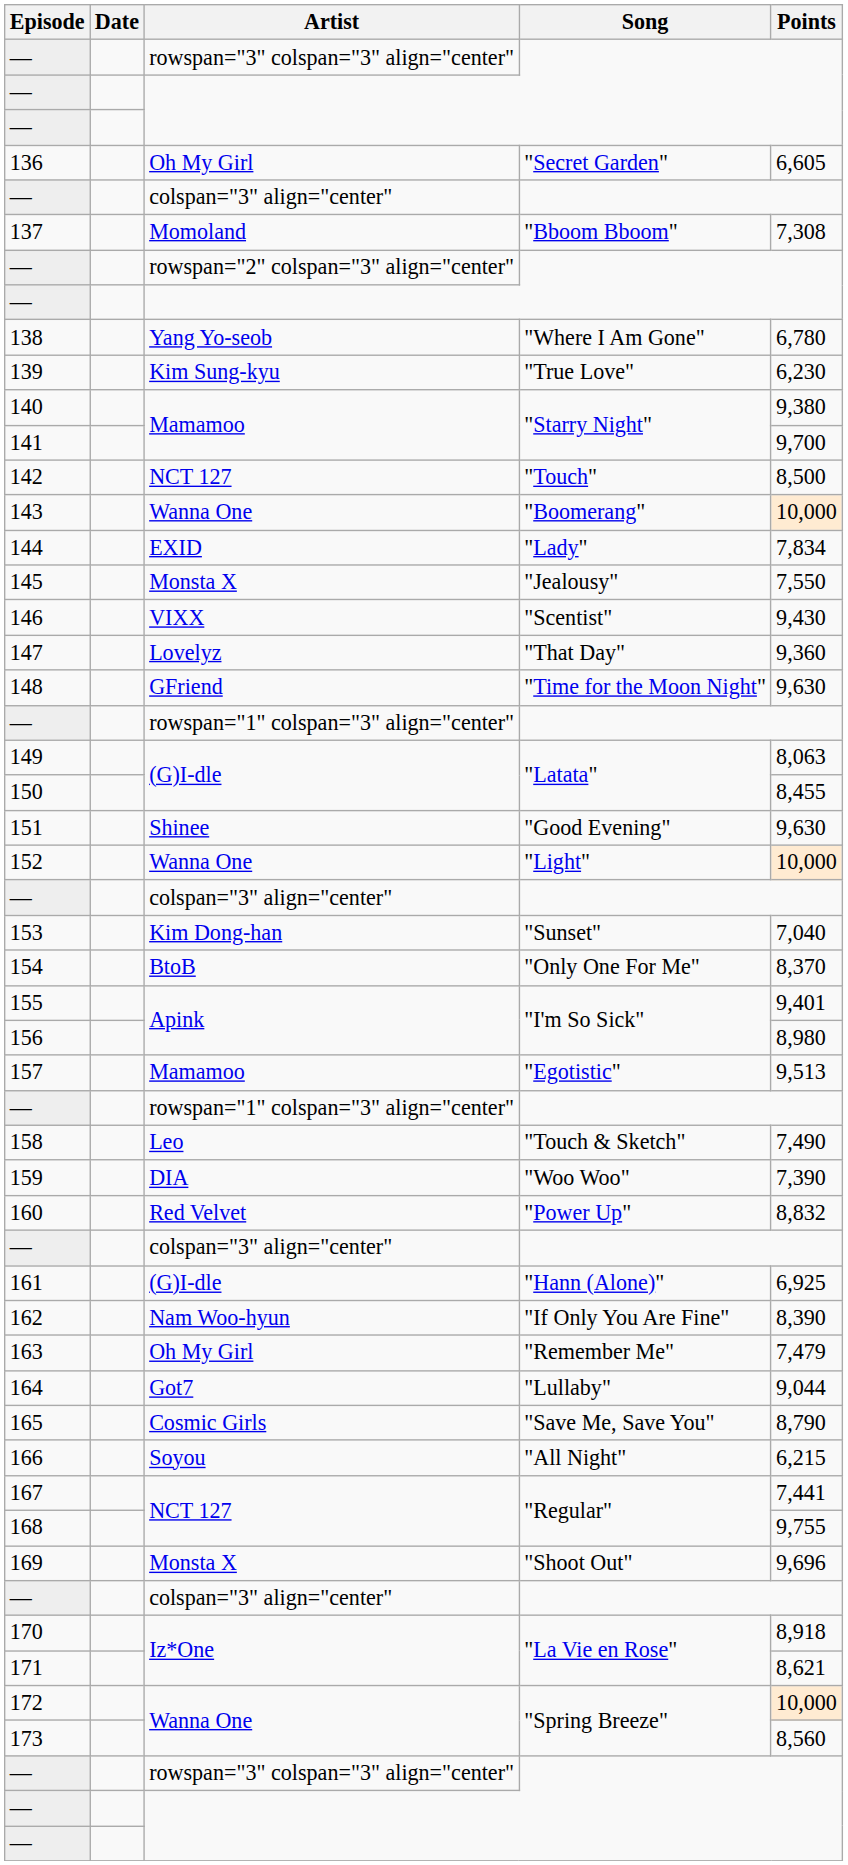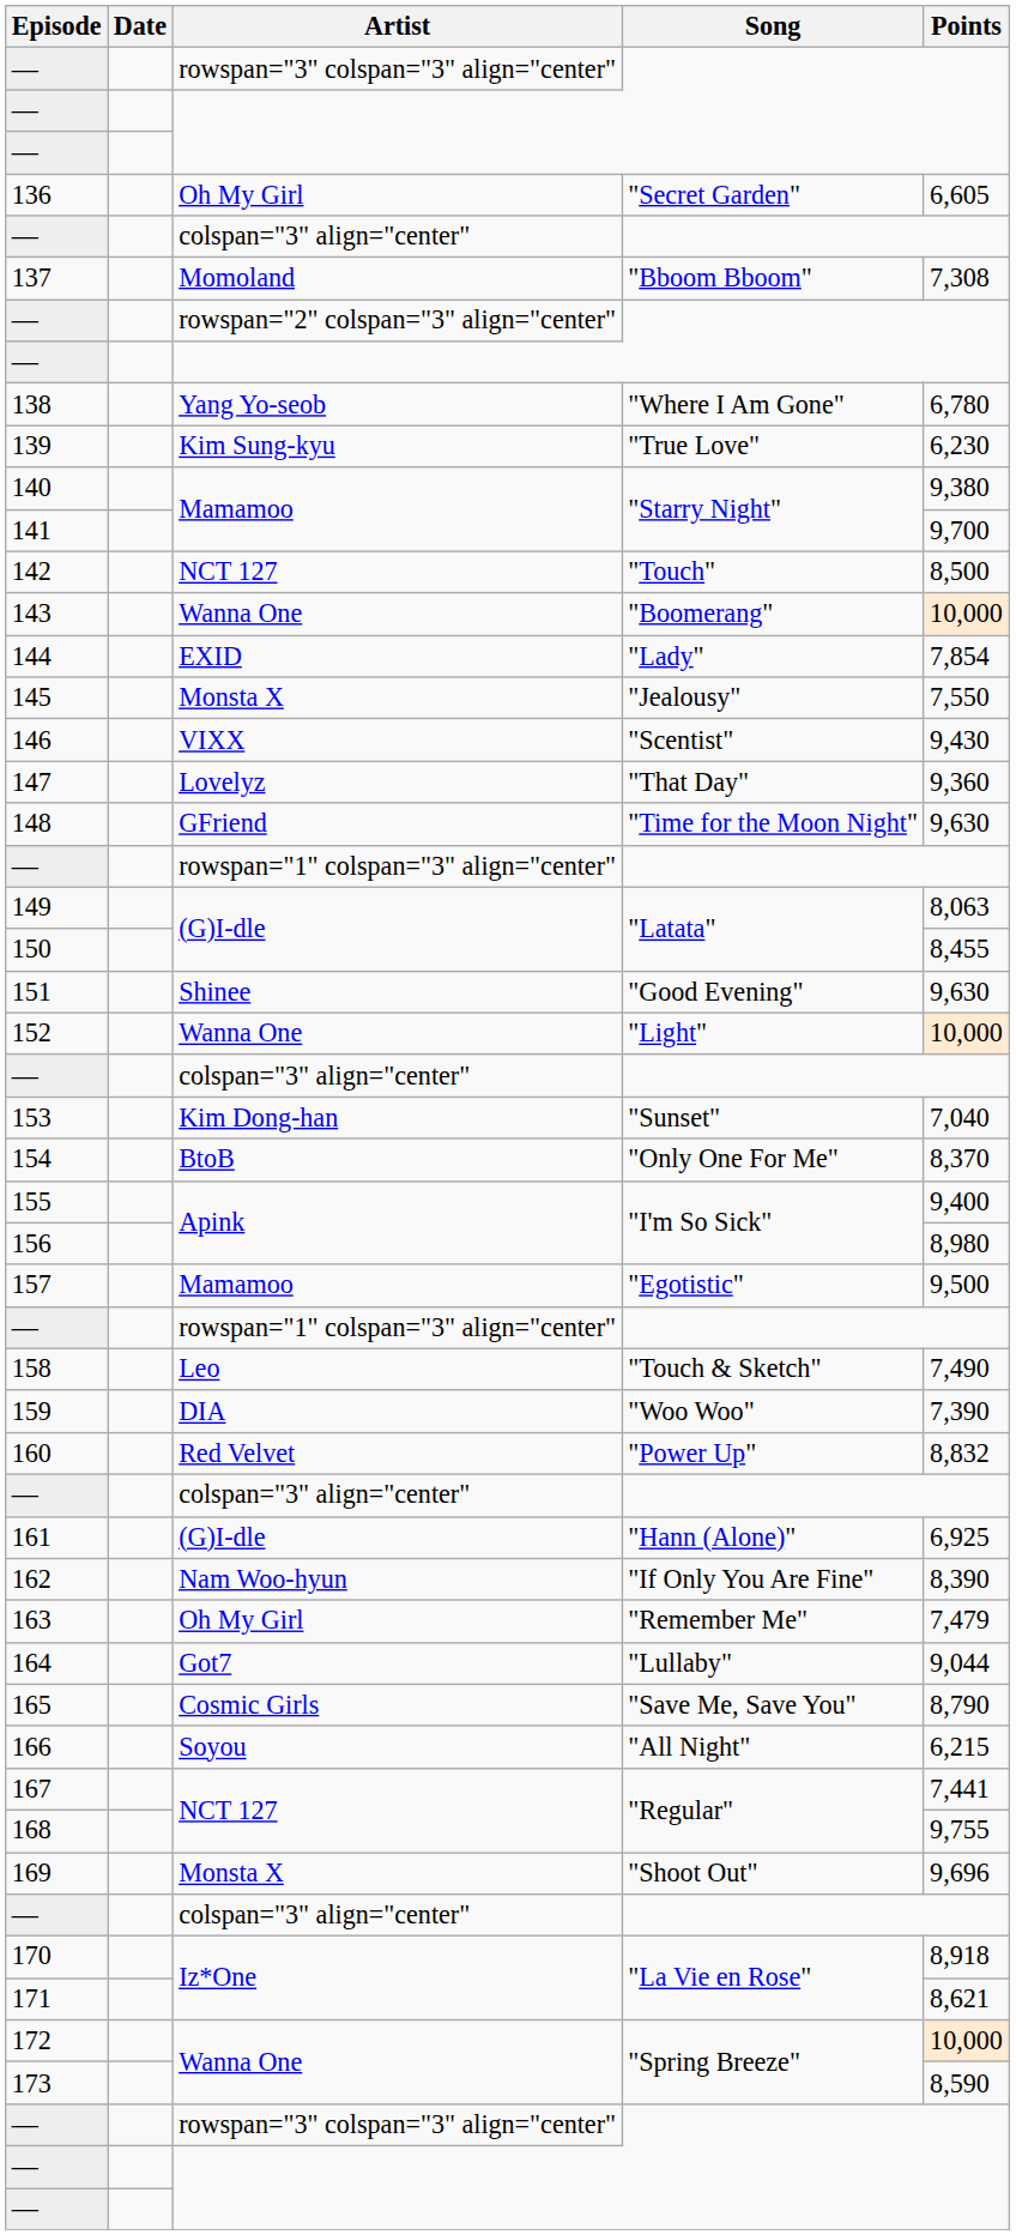 <table class="sortable wikitable">
 <tr>
 <th>Episode</th>
 <th>Date</th>
 <th>Artist</th>
 <th>Song</th>
 <th>Points</th>
 </tr>
 <tr>
 <td style="background:#eee;">—</td>
 <td></td>
 <td>rowspan="3" colspan="3" align="center" </td>
 </tr>
 <tr>
 <td style="background:#eee;">—</td>
 <td></td>
 </tr>
 <tr>
 <td style="background: #eee;">—</td>
 <td></td>
 </tr>
 <tr>
 <td>136</td>
 <td></td>
 <td><a href='#'>Oh My Girl</a></td>
 <td>"<a href='#'>Secret Garden</a>"</td>
 <td>6,605</td>
 </tr>
 <tr>
 <td style="background: #eee;">—</td>
 <td></td>
 <td>colspan="3" align="center" </td>
 </tr>
 <tr>
 <td>137</td>
 <td></td>
 <td><a href='#'>Momoland</a></td>
 <td>"<a href='#'>Bboom Bboom</a>"</td>
 <td>7,308</td>
 </tr>
 <tr>
 <td style="background: #eee;">—</td>
 <td></td>
 <td>rowspan="2" colspan="3" align="center" </td>
 </tr>
 <tr>
 <td style="background: #eee;">—</td>
 <td></td>
 </tr>
 <tr>
 <td>138</td>
 <td></td>
 <td><a href='#'>Yang Yo-seob</a></td>
 <td>"Where I Am Gone"</td>
 <td>6,780</td>
 </tr>
 <tr>
 <td>139</td>
 <td></td>
 <td><a href='#'>Kim Sung-kyu</a></td>
 <td>"True Love"</td>
 <td>6,230</td>
 </tr>
 <tr>
 <td>140</td>
 <td></td>
 <td rowspan="2"><a href='#'>Mamamoo</a></td>
 <td rowspan="2">"<a href='#'>Starry Night</a>"</td>
 <td>9,380</td>
 </tr>
 <tr>
 <td>141</td>
 <td></td>
 <td>9,700</td>
 </tr>
 <tr>
 <td>142</td>
 <td></td>
 <td><a href='#'>NCT 127</a></td>
 <td>"<a href='#'>Touch</a>"</td>
 <td>8,500</td>
 </tr>
 <tr>
 <td>143</td>
 <td></td>
 <td><a href='#'>Wanna One</a></td>
 <td>"<a href='#'>Boomerang</a>"</td>
 <td style='background: #ffebd2;'>10,000</td>
 </tr>
 <tr>
 <td>144</td>
 <td></td>
 <td><a href='#'>EXID</a></td>
 <td>"<a href='#'>Lady</a>"</td>
-<td>7,834</td>
+<td>7,854</td>
 </tr>
 <tr>
 <td>145</td>
 <td></td>
 <td><a href='#'>Monsta X</a></td>
 <td>"Jealousy"</td>
 <td>7,550</td>
 </tr>
 <tr>
 <td>146</td>
 <td></td>
 <td><a href='#'>VIXX</a></td>
 <td>"Scentist"</td>
 <td>9,430</td>
 </tr>
 <tr>
 <td>147</td>
 <td></td>
 <td><a href='#'>Lovelyz</a></td>
 <td>"That Day"</td>
 <td>9,360</td>
 </tr>
 <tr>
 <td>148</td>
 <td></td>
 <td><a href='#'>GFriend</a></td>
 <td>"<a href='#'>Time for the Moon Night</a>"</td>
 <td>9,630</td>
 </tr>
 <tr>
 <td style="background: #eee;">—</td>
 <td></td>
 <td>rowspan="1" colspan="3" align="center" </td>
 </tr>
 <tr>
 <td>149</td>
 <td></td>
 <td rowspan="2"><a href='#'>(G)I-dle</a></td>
 <td rowspan="2">"<a href='#'>Latata</a>"</td>
 <td>8,063</td>
 </tr>
 <tr>
 <td>150</td>
 <td></td>
 <td>8,455</td>
 </tr>
 <tr>
 <td>151</td>
 <td></td>
 <td><a href='#'>Shinee</a></td>
 <td>"Good Evening"</td>
 <td>9,630</td>
 </tr>
 <tr>
 <td>152</td>
 <td></td>
 <td><a href='#'>Wanna One</a></td>
 <td>"<a href='#'>Light</a>"</td>
 <td style='background: #ffebd2;'>10,000</td>
 </tr>
 <tr>
 <td style="background: #eee;">—</td>
 <td></td>
 <td>colspan="3" align="center" </td>
 </tr>
 <tr>
 <td>153</td>
 <td></td>
 <td><a href='#'>Kim Dong-han</a></td>
 <td>"Sunset"</td>
 <td>7,040</td>
 </tr>
 <tr>
 <td>154</td>
 <td></td>
 <td><a href='#'>BtoB</a></td>
 <td>"Only One For Me"</td>
 <td>8,370</td>
 </tr>
 <tr>
 <td>155</td>
 <td></td>
 <td rowspan="2"><a href='#'>Apink</a></td>
 <td rowspan="2">"I'm So Sick"</td>
-<td>9,401</td>
+<td>9,400</td>
 </tr>
 <tr>
 <td>156</td>
 <td></td>
 <td>8,980</td>
 </tr>
 <tr>
 <td>157</td>
 <td></td>
 <td><a href='#'>Mamamoo</a></td>
 <td>"<a href='#'>Egotistic</a>"</td>
-<td>9,513</td>
+<td>9,500</td>
 </tr>
 <tr>
 <td style="background: #eee;">—</td>
 <td></td>
 <td>rowspan="1" colspan="3" align="center" </td>
 </tr>
 <tr>
 <td>158</td>
 <td></td>
 <td><a href='#'>Leo</a></td>
 <td>"Touch & Sketch"</td>
 <td>7,490</td>
 </tr>
 <tr>
 <td>159</td>
 <td></td>
 <td><a href='#'>DIA</a></td>
 <td>"Woo Woo"</td>
 <td>7,390</td>
 </tr>
 <tr>
 <td>160</td>
 <td></td>
 <td><a href='#'>Red Velvet</a></td>
 <td>"<a href='#'>Power Up</a>"</td>
 <td>8,832</td>
 </tr>
 <tr>
 <td style="background: #eee;">—</td>
 <td></td>
 <td>colspan="3" align="center" </td>
 </tr>
 <tr>
 <td>161</td>
 <td></td>
 <td><a href='#'>(G)I-dle</a></td>
 <td>"<a href='#'>Hann (Alone)</a>"</td>
 <td>6,925</td>
 </tr>
 <tr>
 <td>162</td>
 <td></td>
 <td><a href='#'>Nam Woo-hyun</a></td>
 <td>"If Only You Are Fine"</td>
 <td>8,390</td>
 </tr>
 <tr>
 <td>163</td>
 <td></td>
 <td><a href='#'>Oh My Girl</a></td>
 <td>"Remember Me"</td>
 <td>7,479</td>
 </tr>
 <tr>
 <td>164</td>
 <td></td>
 <td><a href='#'>Got7</a></td>
 <td>"Lullaby"</td>
 <td>9,044</td>
 </tr>
 <tr>
 <td>165</td>
 <td></td>
 <td><a href='#'>Cosmic Girls</a></td>
 <td>"Save Me, Save You"</td>
 <td>8,790</td>
 </tr>
 <tr>
 <td>166</td>
 <td></td>
 <td><a href='#'>Soyou</a></td>
 <td>"All Night"</td>
 <td>6,215</td>
 </tr>
 <tr>
 <td>167</td>
 <td></td>
 <td rowspan="2"><a href='#'>NCT 127</a></td>
 <td rowspan="2">"Regular"</td>
 <td>7,441</td>
 </tr>
 <tr>
 <td>168</td>
 <td></td>
 <td>9,755</td>
 </tr>
 <tr>
 <td>169</td>
 <td></td>
 <td><a href='#'>Monsta X</a></td>
 <td>"Shoot Out"</td>
 <td>9,696</td>
 </tr>
 <tr>
 <td style="background: #eee;">—</td>
 <td></td>
 <td>colspan="3" align="center" </td>
 </tr>
 <tr>
 <td>170</td>
 <td></td>
 <td rowspan="2"><a href='#'>Iz*One</a></td>
 <td rowspan="2">"<a href='#'>La Vie en Rose</a>"</td>
 <td>8,918</td>
 </tr>
 <tr>
 <td>171</td>
 <td></td>
 <td>8,621</td>
 </tr>
 <tr>
 <td>172</td>
 <td></td>
 <td rowspan="2"><a href='#'>Wanna One</a></td>
 <td rowspan="2">"Spring Breeze"</td>
 <td style='background: #ffebd2;'>10,000</td>
 </tr>
 <tr>
 <td>173</td>
 <td></td>
-<td>8,560</td>
+<td>8,590</td>
 </tr>
 <tr>
 <td style="background:#eee;">—</td>
 <td></td>
 <td>rowspan="3" colspan="3" align="center" </td>
 </tr>
 <tr>
 <td style="background:#eee;">—</td>
 <td></td>
 </tr>
 <tr>
 <td style="background: #eee;">—</td>
 <td></td>
 </tr>
 </table>
